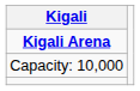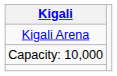 <table class="wikitable" style="text-align:center;margin:1em auto;">
 <tr>
 <th><a href='#'>Kigali</a></th>
 <td rowspan=4></td>
 </tr>
 <tr>
-<td><strong><a href='#'>Kigali Arena</a></strong></td>
+<td><a href='#'>Kigali Arena</a></td>
 </tr>
 <tr>
 <td>Capacity: 10,000</td>
 </tr>
 <tr>
 <td></td>
 </tr>
 </table>
